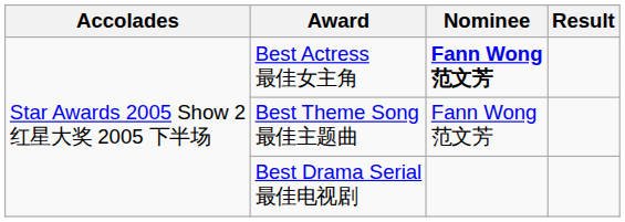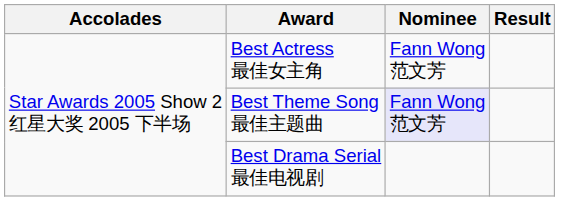 <table class="wikitable">
 <tr>
 <th>Accolades</th>
 <th>Award</th>
 <th>Nominee</th>
 <th>Result</th>
 </tr>
 <tr>
 <td rowspan="3"><a href='#'>Star Awards 2005</a> Show 2 <br> 红星大奖 2005 下半场</td>
 <td rowspan="1"><a href='#'>Best Actress</a> <br> 最佳女主角</td>
-<td><strong><a href='#'>Fann Wong</a> <br> 范文芳</strong></td>
+<td><a href='#'>Fann Wong</a> <br> 范文芳</td>
 <td></td>
 </tr>
 <tr>
 <td><a href='#'>Best Theme Song</a> <br> 最佳主题曲</td>
-<td><a href='#'>Fann Wong</a> <br> 范文芳</td>
+<td style="background: lavender;"><a href='#'>Fann Wong</a> <br> 范文芳</td>
 <td></td>
 </tr>
 <tr>
 <td><a href='#'>Best Drama Serial</a> <br> 最佳电视剧</td>
 <td></td>
 <td></td>
 </tr>
 </table>
